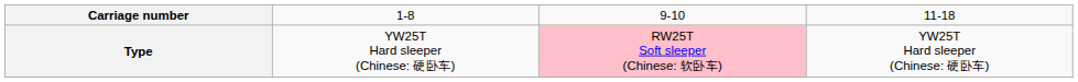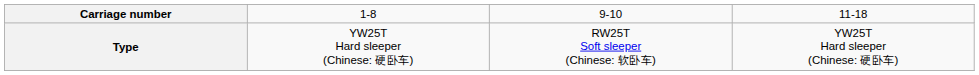 <table class="wikitable" style="text-align: center; font-size: small;">
 <tr>
 <th>Carriage number</th>
 <td>1-8</td>
 <td>9-10</td>
 <td>11-18</td>
 </tr>
 <tr>
 <th style="width: 10%;">Type</th>
 <td style="width: 10%;">YW25T<br>Hard sleeper<br>(Chinese: 硬卧车)</td>
-<td style="background: pink; width: 10%;">RW25T<br><a href='#'>Soft sleeper</a><br>(Chinese: 软卧车)</td>
+<td style="width: 10%;">RW25T<br><a href='#'>Soft sleeper</a><br>(Chinese: 软卧车)</td>
 <td style="width: 10%;">YW25T<br>Hard sleeper<br>(Chinese: 硬卧车)</td>
 </tr>
 </table>
